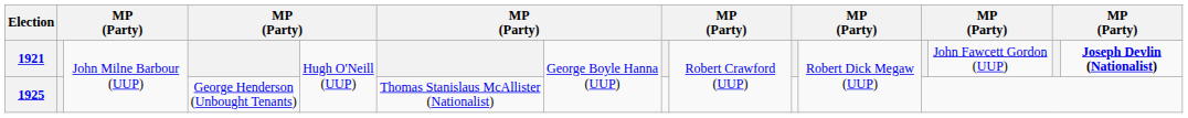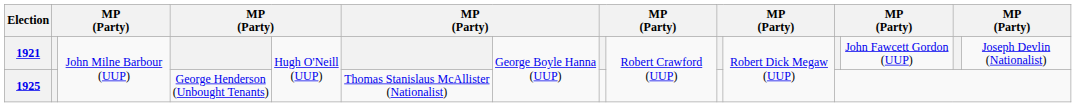 <table class="wikitable" style="text-align:center">
 <tr>
 <th>Election</th>
 <th scope="col" width="150" colspan = "2">MP<br> (Party)</th>
 <th scope="col" width="150" colspan = "2">MP<br> (Party)</th>
 <th scope="col" width="150" colspan = "2">MP<br> (Party)</th>
 <th scope="col" width="150" colspan = "2">MP<br> (Party)</th>
 <th scope="col" width="150" colspan = "2">MP<br> (Party)</th>
 <th scope="col" width="150" colspan = "2">MP<br> (Party)</th>
 <th scope="col" width="150" colspan = "2">MP<br> (Party)</th>
 </tr>
 <tr>
 <th><a href='#'>1921</a></th>
 <th style="background-color: "></th>
 <td rowspan="2"><a href='#'>John Milne Barbour</a><br> (<a href='#'>UUP</a>)</td>
 <th style="background-color: "></th>
 <td rowspan="2"><a href='#'>Hugh O'Neill</a><br> (<a href='#'>UUP</a>)</td>
 <th style="background-color: "></th>
 <td rowspan="2"><a href='#'>George Boyle Hanna</a><br> (<a href='#'>UUP</a>)</td>
 <th style="background-color: "></th>
 <td rowspan="2"><a href='#'>Robert Crawford</a><br> (<a href='#'>UUP</a>)</td>
 <th style="background-color: "></th>
 <td rowspan="2"><a href='#'>Robert Dick Megaw</a><br> (<a href='#'>UUP</a>)</td>
 <th style="background-color: "></th>
 <td rowspan="1"><a href='#'>John Fawcett Gordon</a><br> (<a href='#'>UUP</a>)</td>
 <th style="background-color: "></th>
-<td rowspan="1"><strong><a href='#'>Joseph Devlin</a><br> (<a href='#'>Nationalist</a>)</strong></td>
+<td rowspan="1"><a href='#'>Joseph Devlin</a><br> (<a href='#'>Nationalist</a>)</td>
 </tr>
 <tr>
 <th><a href='#'>1925</a></th>
 <th style="background-color: "></th>
 <td><a href='#'>George Henderson</a><br> (<a href='#'>Unbought Tenants</a>)</td>
 <td><a href='#'>Thomas Stanislaus McAllister</a><br> (<a href='#'>Nationalist</a>)</td>
 </tr>
 </table>
